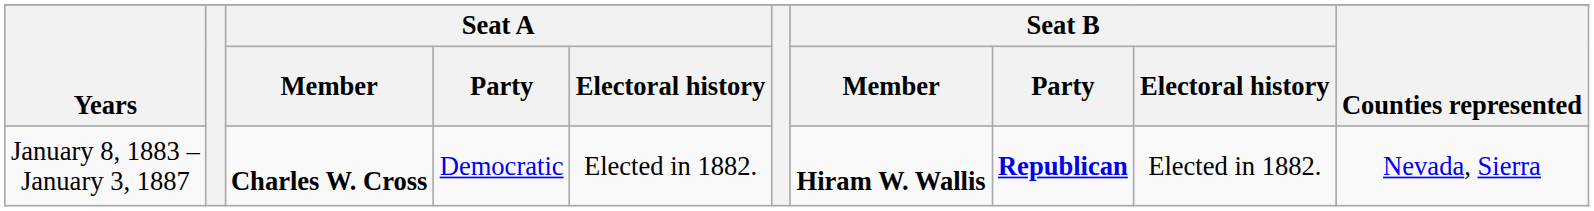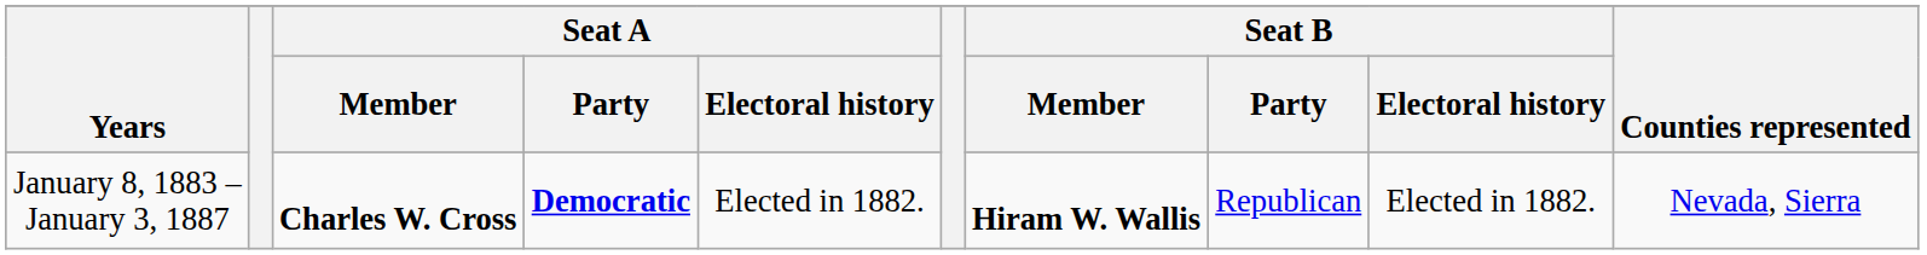 <table class=wikitable style="text-align:center">
 <tr>
 </tr>
 <tr valign=bottom>
 <th rowspan=2>Years</th>
 <th rowspan=20> </th>
 <th colspan=3>Seat A</th>
 <th rowspan=20> </th>
 <th colspan=3>Seat B</th>
 <th rowspan=2>Counties represented</th>
 </tr>
 <tr style="height:3em">
 <th>Member</th>
 <th>Party</th>
 <th>Electoral history</th>
 <th>Member</th>
 <th>Party</th>
 <th>Electoral history</th>
 </tr>
 <tr style="height:3em">
 <td nowrap>January 8, 1883 –<br> January 3, 1887</td>
 <td align=left><br> <strong>Charles W. Cross</strong><br></td>
-<td><a href='#'>Democratic</a></td>
+<td><strong><a href='#'>Democratic</a></strong></td>
 <td>Elected in 1882. <br> </td>
 <td align=left><br><strong>Hiram W. Wallis</strong><br></td>
-<td><strong><a href='#'>Republican</a></strong></td>
+<td><a href='#'>Republican</a></td>
 <td>Elected in 1882. <br> </td>
 <td><a href='#'>Nevada</a>, <a href='#'>Sierra</a></td>
 </tr>
 </table>
